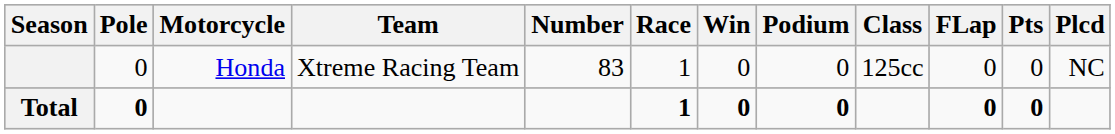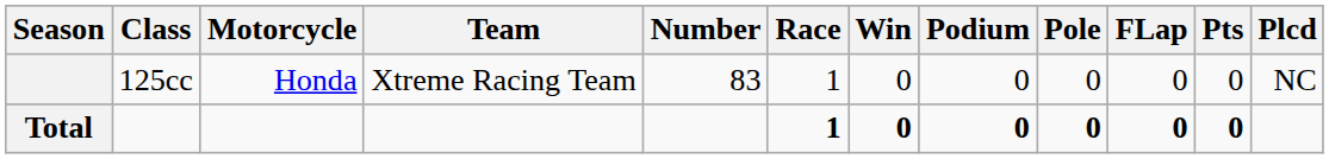 <table class="wikitable">
 <tr>
 <th>Season</th>
-<th>Pole</th>
+<th>Class</th>
 <th>Motorcycle</th>
 <th>Team</th>
 <th>Number</th>
 <th>Race</th>
 <th>Win</th>
 <th>Podium</th>
-<th>Class</th>
+<th>Pole</th>
 <th>FLap</th>
 <th>Pts</th>
 <th>Plcd</th>
 </tr>
 <tr align="right">
 <th></th>
-<td>0</td>
+<td>125cc</td>
 <td><a href='#'>Honda</a></td>
 <td>Xtreme Racing Team</td>
 <td>83</td>
 <td>1</td>
 <td>0</td>
 <td>0</td>
-<td>125cc</td>
+<td>0</td>
 <td>0</td>
 <td>0</td>
 <td>NC</td>
 </tr>
 <tr align="right">
 <th>Total</th>
-<td><strong>0</strong></td>
+<td></td>
 <td></td>
 <td></td>
 <td></td>
 <td><strong>1</strong></td>
 <td><strong>0</strong></td>
 <td><strong>0</strong></td>
-<td></td>
+<td><strong>0</strong></td>
 <td><strong>0</strong></td>
 <td><strong>0</strong></td>
 <td></td>
 </tr>
 </table>
